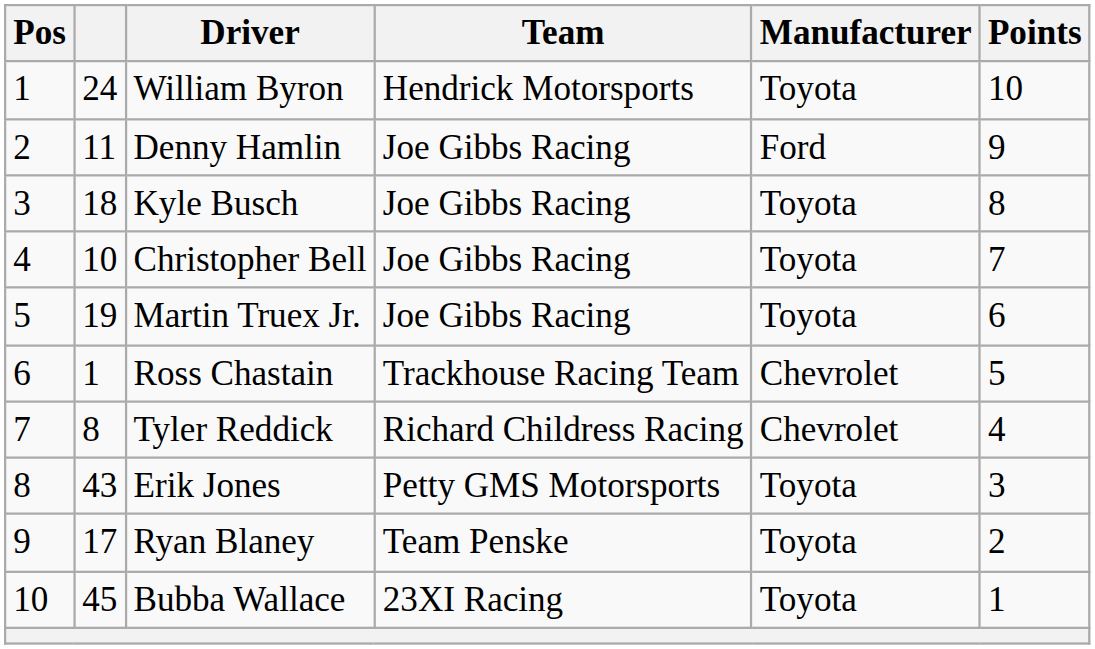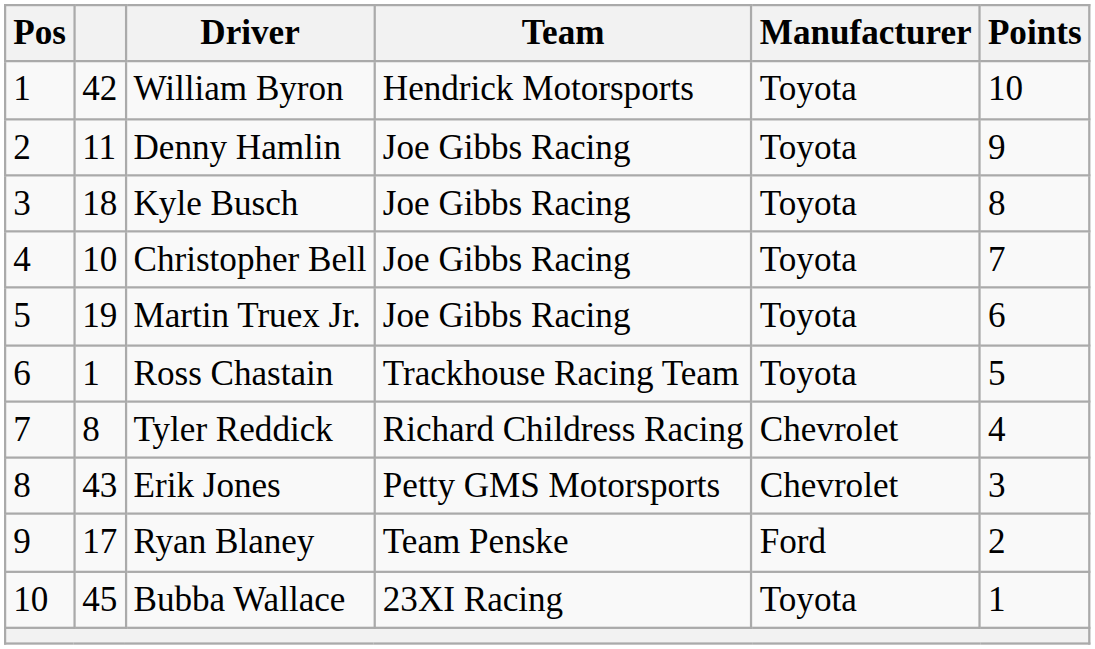 <table class="wikitable" style="font-size:98%">
 <tr>
 <th>Pos</th>
 <th></th>
 <th>Driver</th>
 <th>Team</th>
 <th>Manufacturer</th>
 <th>Points</th>
 </tr>
 <tr>
 <td>1</td>
-<td>24</td>
+<td>42</td>
 <td>William Byron</td>
 <td>Hendrick Motorsports</td>
 <td>Toyota</td>
 <td>10</td>
 </tr>
 <tr>
 <td>2</td>
 <td>11</td>
 <td>Denny Hamlin</td>
 <td>Joe Gibbs Racing</td>
-<td>Ford</td>
+<td>Toyota</td>
 <td>9</td>
 </tr>
 <tr>
 <td>3</td>
 <td>18</td>
 <td>Kyle Busch</td>
 <td>Joe Gibbs Racing</td>
 <td>Toyota</td>
 <td>8</td>
 </tr>
 <tr>
 <td>4</td>
 <td>10</td>
 <td>Christopher Bell</td>
 <td>Joe Gibbs Racing</td>
 <td>Toyota</td>
 <td>7</td>
 </tr>
 <tr>
 <td>5</td>
 <td>19</td>
 <td>Martin Truex Jr.</td>
 <td>Joe Gibbs Racing</td>
 <td>Toyota</td>
 <td>6</td>
 </tr>
 <tr>
 <td>6</td>
 <td>1</td>
 <td>Ross Chastain</td>
 <td>Trackhouse Racing Team</td>
-<td>Chevrolet</td>
+<td>Toyota</td>
 <td>5</td>
 </tr>
 <tr>
 <td>7</td>
 <td>8</td>
 <td>Tyler Reddick</td>
 <td>Richard Childress Racing</td>
 <td>Chevrolet</td>
 <td>4</td>
 </tr>
 <tr>
 <td>8</td>
 <td>43</td>
 <td>Erik Jones</td>
 <td>Petty GMS Motorsports</td>
-<td>Toyota</td>
+<td>Chevrolet</td>
 <td>3</td>
 </tr>
 <tr>
 <td>9</td>
 <td>17</td>
 <td>Ryan Blaney</td>
 <td>Team Penske</td>
-<td>Toyota</td>
+<td>Ford</td>
 <td>2</td>
 </tr>
 <tr>
 <td>10</td>
 <td>45</td>
 <td>Bubba Wallace</td>
 <td>23XI Racing</td>
 <td>Toyota</td>
 <td>1</td>
 </tr>
 <tr>
 <th colspan="6"></th>
 </tr>
 </table>
